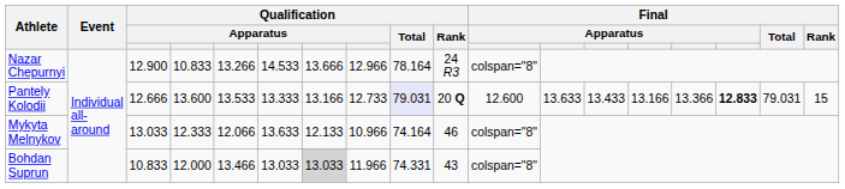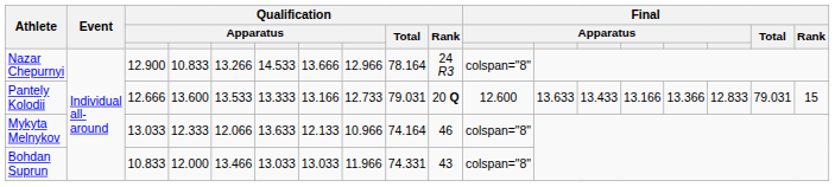 <table class="wikitable" style="font-size:90%">
 <tr>
 <th rowspan=3>Athlete</th>
 <th rowspan=3>Event</th>
 <th colspan =8>Qualification</th>
 <th colspan =8>Final</th>
 </tr>
 <tr style="font-size:95%">
 <th colspan=6>Apparatus</th>
 <th rowspan=2>Total</th>
 <th rowspan=2>Rank</th>
 <th colspan=6>Apparatus</th>
 <th rowspan=2>Total</th>
 <th rowspan=2>Rank</th>
 </tr>
 <tr style="font-size:95%">
 <th></th>
 <th></th>
 <th></th>
 <th></th>
 <th></th>
 <th></th>
 <th></th>
 <th></th>
 <th></th>
 <th></th>
 <th></th>
 <th></th>
 </tr>
 <tr align=center>
 <td align=left><a href='#'>Nazar Chepurnyi</a></td>
 <td align=left rowspan=4><a href='#'>Individual all-around</a></td>
 <td>12.900</td>
 <td>10.833</td>
 <td>13.266</td>
 <td>14.533</td>
 <td>13.666</td>
 <td>12.966</td>
 <td>78.164</td>
 <td>24 <em>R3</em></td>
 <td>colspan="8" </td>
 </tr>
 <tr align=center>
 <td align=left><a href='#'>Pantely Kolodii</a></td>
 <td>12.666</td>
 <td>13.600</td>
 <td>13.533</td>
 <td>13.333</td>
 <td>13.166</td>
 <td>12.733</td>
-<td style="background: lavender;">79.031</td>
+<td>79.031</td>
 <td>20 <strong>Q</strong></td>
 <td>12.600</td>
 <td>13.633</td>
 <td>13.433</td>
 <td>13.166</td>
 <td>13.366</td>
-<td><strong>12.833</strong></td>
+<td>12.833</td>
 <td>79.031</td>
 <td>15</td>
 </tr>
 <tr align=center>
 <td align=left><a href='#'>Mykyta Melnykov</a></td>
 <td>13.033</td>
 <td>12.333</td>
 <td>12.066</td>
 <td>13.633</td>
 <td>12.133</td>
 <td>10.966</td>
 <td>74.164</td>
 <td>46</td>
 <td>colspan="8" </td>
 </tr>
 <tr align=center>
 <td align=left><a href='#'>Bohdan Suprun</a></td>
 <td>10.833</td>
 <td>12.000</td>
 <td>13.466</td>
 <td>13.033</td>
-<td style="background: lightgrey;">13.033</td>
+<td>13.033</td>
 <td>11.966</td>
 <td>74.331</td>
 <td>43</td>
 <td>colspan="8" </td>
 </tr>
 </table>
